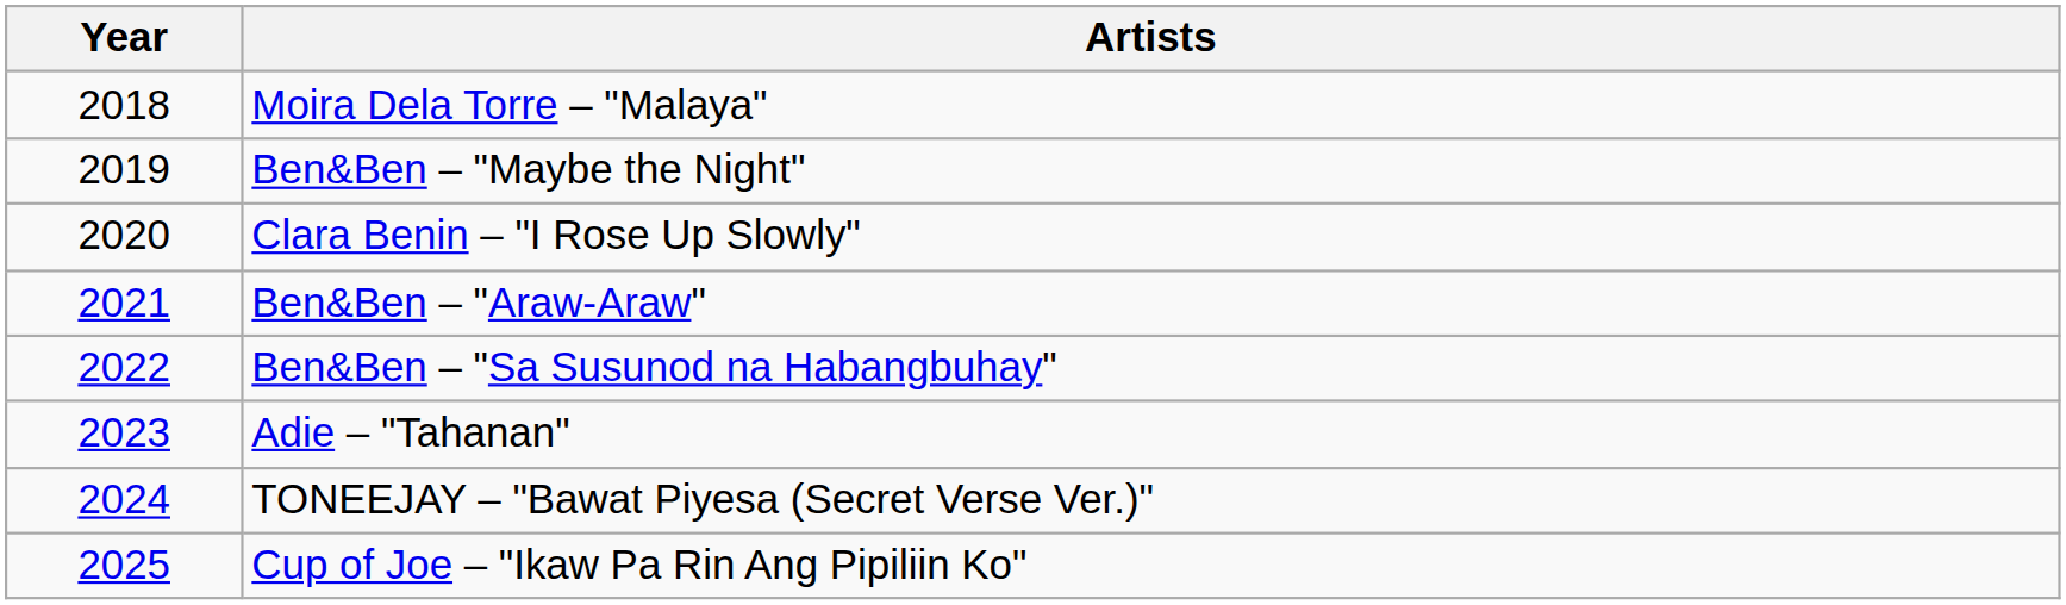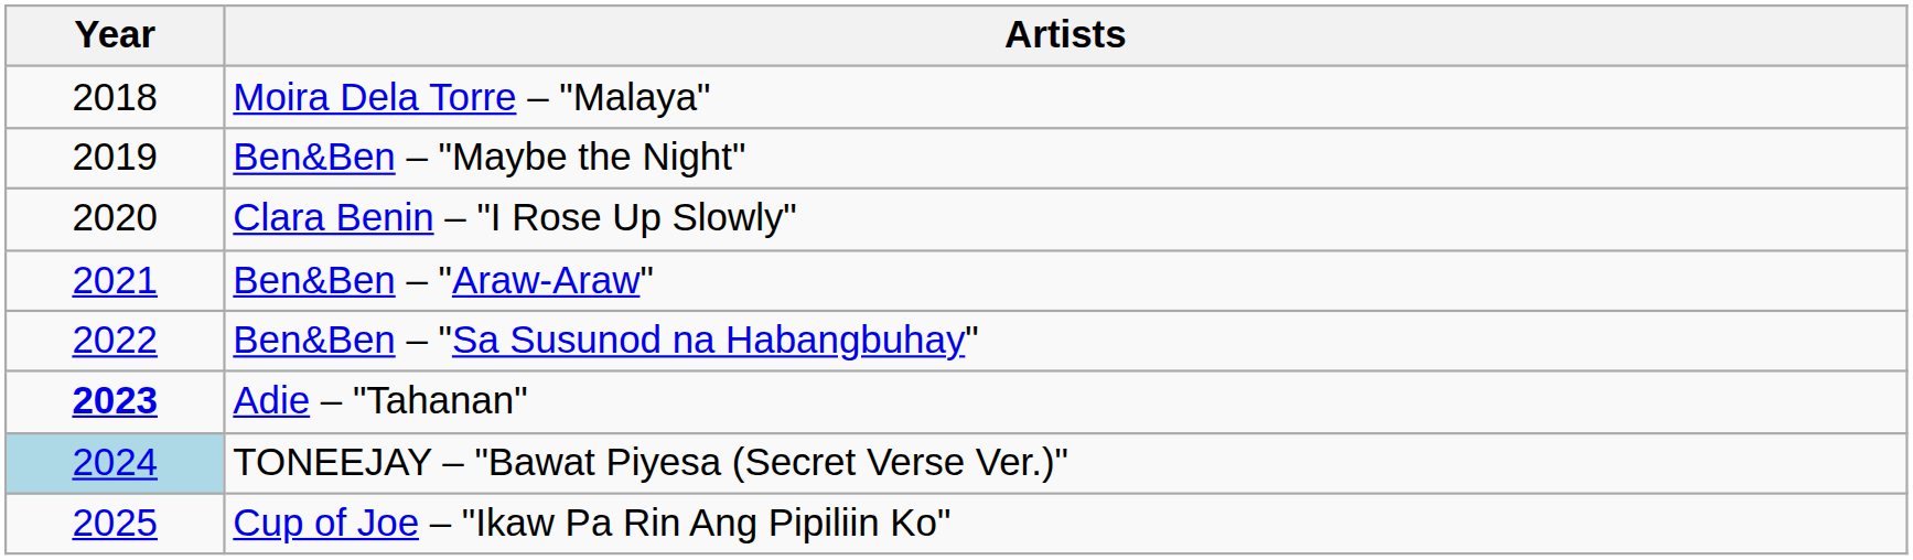 <table class="wikitable sortable"  style="width:50%;">
 <tr>
 <th width=5%  scope="col">Year</th>
 <th width=40%  scope="col">Artists</th>
 </tr>
 <tr>
 <td align="center">2018</td>
 <td><a href='#'>Moira Dela Torre</a> – "Malaya"</td>
 </tr>
 <tr>
 <td align="center">2019</td>
 <td><a href='#'>Ben&Ben</a> – "Maybe the Night"</td>
 </tr>
 <tr>
 <td align="center">2020</td>
 <td><a href='#'>Clara Benin</a> – "I Rose Up Slowly"</td>
 </tr>
 <tr>
 <td align="center"><a href='#'>2021</a></td>
 <td><a href='#'>Ben&Ben</a> – "<a href='#'>Araw-Araw</a>"</td>
 </tr>
 <tr>
 <td align="center"><a href='#'>2022</a></td>
 <td><a href='#'>Ben&Ben</a> – "<a href='#'>Sa Susunod na Habangbuhay</a>"</td>
 </tr>
 <tr>
-<td align="center"><a href='#'>2023</a></td>
+<td align="center"><strong><a href='#'>2023</a></strong></td>
 <td><a href='#'>Adie</a>  – "Tahanan"</td>
 </tr>
 <tr>
-<td align="center"><a href='#'>2024</a></td>
+<td align="center" style="background: lightblue;"><a href='#'>2024</a></td>
 <td>TONEEJAY – "Bawat Piyesa (Secret Verse Ver.)"</td>
 </tr>
 <tr>
 <td align="center"><a href='#'>2025</a></td>
 <td><a href='#'>Cup of Joe</a> – "Ikaw Pa Rin Ang Pipiliin Ko"</td>
 </tr>
 </table>
